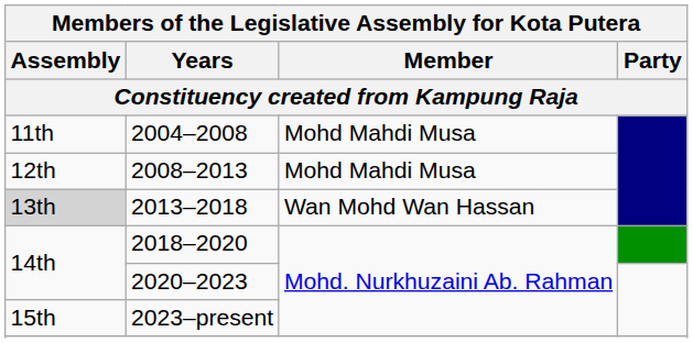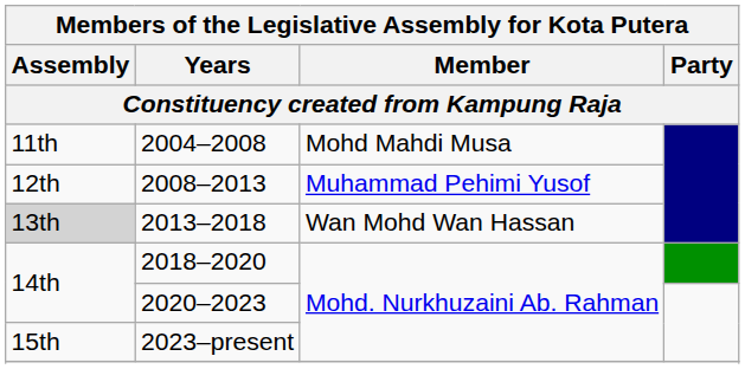 <table class=wikitable>
 <tr>
 <th colspan=4>Members of the Legislative Assembly for Kota Putera</th>
 </tr>
 <tr>
 <th>Assembly</th>
 <th>Years</th>
 <th>Member</th>
 <th>Party</th>
 </tr>
 <tr>
 <th colspan=4 align=center><em>Constituency created from Kampung Raja</em></th>
 </tr>
 <tr>
 <td>11th</td>
 <td>2004–2008</td>
 <td>Mohd Mahdi Musa</td>
 <td rowspan=3 bgcolor=#000080></td>
 </tr>
 <tr>
 <td>12th</td>
 <td>2008–2013</td>
-<td>Mohd Mahdi Musa</td>
+<td><a href='#'>Muhammad Pehimi Yusof</a></td>
 </tr>
 <tr>
 <td style="background: lightgrey;">13th</td>
 <td>2013–2018</td>
 <td>Wan Mohd Wan Hassan</td>
 </tr>
 <tr>
 <td rowspan=2>14th</td>
 <td>2018–2020</td>
 <td rowspan=3><a href='#'>Mohd. Nurkhuzaini Ab. Rahman</a></td>
 <td bgcolor=#009000></td>
 </tr>
 <tr>
 <td>2020–2023</td>
 <td rowspan=2></td>
 </tr>
 <tr>
 <td>15th</td>
 <td>2023–present</td>
 </tr>
 <tr>
 </tr>
 <tr>
 </tr>
 </table>
